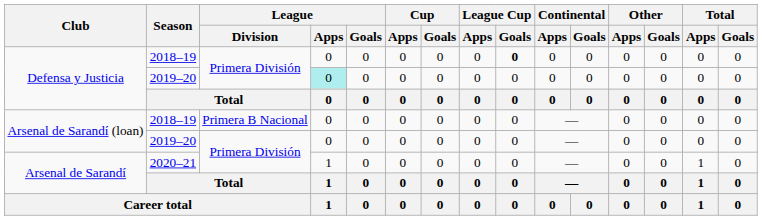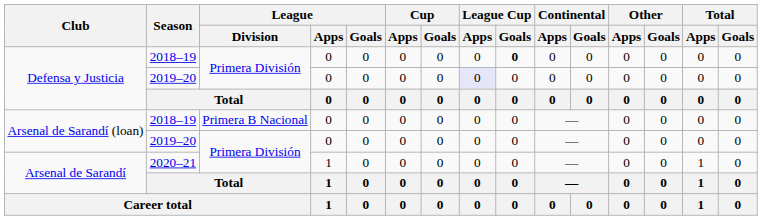 <table class="wikitable" style="text-align:center">
 <tr>
 <th rowspan="2">Club</th>
 <th rowspan="2">Season</th>
 <th colspan="3">League</th>
 <th colspan="2">Cup</th>
 <th colspan="2">League Cup</th>
 <th colspan="2">Continental</th>
 <th colspan="2">Other</th>
 <th colspan="2">Total</th>
 </tr>
 <tr>
 <th>Division</th>
 <th>Apps</th>
 <th>Goals</th>
 <th>Apps</th>
 <th>Goals</th>
 <th>Apps</th>
 <th>Goals</th>
 <th>Apps</th>
 <th>Goals</th>
 <th>Apps</th>
 <th>Goals</th>
 <th>Apps</th>
 <th>Goals</th>
 </tr>
 <tr>
 <td rowspan="3"><a href='#'>Defensa y Justicia</a></td>
 <td><a href='#'>2018–19</a></td>
 <td rowspan="2"><a href='#'>Primera División</a></td>
 <td>0</td>
 <td>0</td>
 <td>0</td>
 <td>0</td>
 <td>0</td>
 <td><strong>0</strong></td>
 <td>0</td>
 <td>0</td>
 <td>0</td>
 <td>0</td>
 <td>0</td>
 <td>0</td>
 </tr>
 <tr>
 <td><a href='#'>2019–20</a></td>
-<td style="background: paleturquoise;">0</td>
 <td>0</td>
 <td>0</td>
 <td>0</td>
 <td>0</td>
+<td style="background: lavender;">0</td>
 <td>0</td>
 <td>0</td>
 <td>0</td>
 <td>0</td>
 <td>0</td>
 <td>0</td>
 <td>0</td>
 </tr>
 <tr>
 <th colspan="2">Total</th>
 <th>0</th>
 <th>0</th>
 <th>0</th>
 <th>0</th>
 <th>0</th>
 <th>0</th>
 <th>0</th>
 <th>0</th>
 <th>0</th>
 <th>0</th>
 <th>0</th>
 <th>0</th>
 </tr>
 <tr>
 <td rowspan="2"><a href='#'>Arsenal de Sarandí</a> (loan)</td>
 <td><a href='#'>2018–19</a></td>
 <td rowspan="1"><a href='#'>Primera B Nacional</a></td>
 <td>0</td>
 <td>0</td>
 <td>0</td>
 <td>0</td>
 <td>0</td>
 <td>0</td>
 <td colspan="2">—</td>
 <td>0</td>
 <td>0</td>
 <td>0</td>
 <td>0</td>
 </tr>
 <tr>
 <td><a href='#'>2019–20</a></td>
 <td rowspan="2"><a href='#'>Primera División</a></td>
 <td>0</td>
 <td>0</td>
 <td>0</td>
 <td>0</td>
 <td>0</td>
 <td>0</td>
 <td colspan="2">—</td>
 <td>0</td>
 <td>0</td>
 <td>0</td>
 <td>0</td>
 </tr>
 <tr>
 <td rowspan="2"><a href='#'>Arsenal de Sarandí</a></td>
 <td><a href='#'>2020–21</a></td>
 <td>1</td>
 <td>0</td>
 <td>0</td>
 <td>0</td>
 <td>0</td>
 <td>0</td>
 <td colspan="2">—</td>
 <td>0</td>
 <td>0</td>
 <td>1</td>
 <td>0</td>
 </tr>
 <tr>
 <th colspan="2">Total</th>
 <th>1</th>
 <th>0</th>
 <th>0</th>
 <th>0</th>
 <th>0</th>
 <th>0</th>
 <th colspan="2">—</th>
 <th>0</th>
 <th>0</th>
 <th>1</th>
 <th>0</th>
 </tr>
 <tr>
 <th colspan="3">Career total</th>
 <th>1</th>
 <th>0</th>
 <th>0</th>
 <th>0</th>
 <th>0</th>
 <th>0</th>
 <th>0</th>
 <th>0</th>
 <th>0</th>
 <th>0</th>
 <th>1</th>
 <th>0</th>
 </tr>
 </table>
